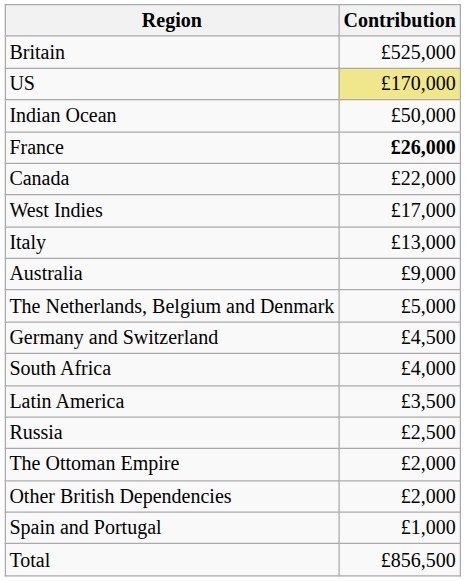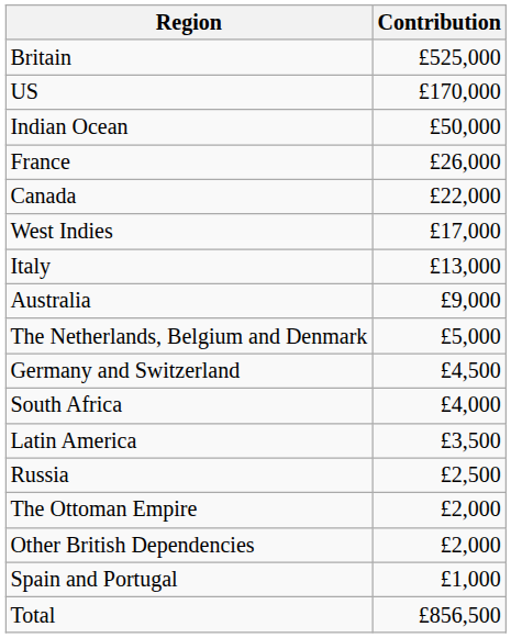 <table class="wikitable" style="float:right">
 <tr>
 <th>Region</th>
 <th>Contribution</th>
 </tr>
 <tr>
 <td>Britain</td>
 <td style="text-align:right;">£525,000</td>
 </tr>
 <tr>
 <td>US</td>
-<td style="background: khaki; text-align:right;">£170,000</td>
+<td style="text-align:right;">£170,000</td>
 </tr>
 <tr>
 <td>Indian Ocean</td>
 <td style="text-align:right;">£50,000</td>
 </tr>
 <tr>
 <td>France</td>
-<td style="text-align:right;"><strong>£26,000</strong></td>
+<td style="text-align:right;">£26,000</td>
 </tr>
 <tr>
 <td>Canada</td>
 <td style="text-align:right;">£22,000</td>
 </tr>
 <tr>
 <td>West Indies</td>
 <td style="text-align:right;">£17,000</td>
 </tr>
 <tr>
 <td>Italy</td>
 <td style="text-align:right;">£13,000</td>
 </tr>
 <tr>
 <td>Australia</td>
 <td style="text-align:right;">£9,000</td>
 </tr>
 <tr>
 <td>The Netherlands, Belgium and Denmark</td>
 <td style="text-align:right;">£5,000</td>
 </tr>
 <tr>
 <td>Germany and Switzerland</td>
 <td style="text-align:right;">£4,500</td>
 </tr>
 <tr>
 <td>South Africa</td>
 <td style="text-align:right;">£4,000</td>
 </tr>
 <tr>
 <td>Latin America</td>
 <td style="text-align:right;">£3,500</td>
 </tr>
 <tr>
 <td>Russia</td>
 <td style="text-align:right;">£2,500</td>
 </tr>
 <tr>
 <td>The Ottoman Empire</td>
 <td style="text-align:right;">£2,000</td>
 </tr>
 <tr>
 <td>Other British Dependencies</td>
 <td style="text-align:right;">£2,000</td>
 </tr>
 <tr>
 <td>Spain and Portugal</td>
 <td style="text-align:right;">£1,000</td>
 </tr>
 <tr>
 <td>Total</td>
 <td style="text-align:right;">£856,500</td>
 </tr>
 </table>
